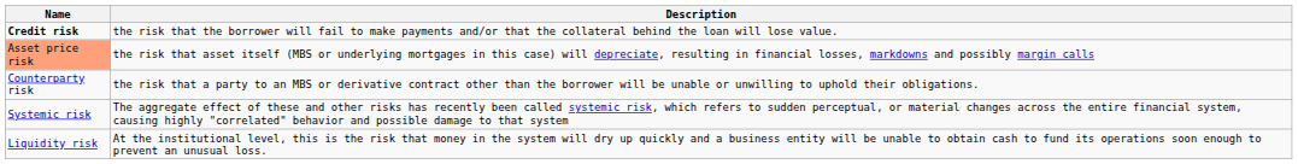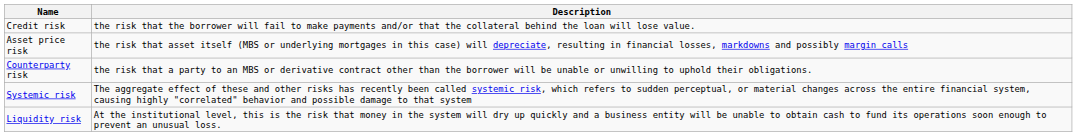 <table class="wikitable" border="1">
 <tr>
 <th>Name</th>
 <th>Description</th>
 </tr>
 <tr>
-<td><strong>Credit risk</strong></td>
+<td>Credit risk</td>
 <td>the risk that the borrower will fail to make payments and/or that the collateral behind the loan will lose value.</td>
 </tr>
 <tr>
-<td style="background: lightsalmon;">Asset price risk</td>
+<td>Asset price risk</td>
 <td>the risk that asset itself (MBS or underlying mortgages in this case) will <a href='#'>depreciate</a>, resulting in financial losses, <a href='#'>markdowns</a> and possibly <a href='#'>margin calls</a></td>
 </tr>
 <tr>
 <td><a href='#'>Counterparty</a> risk</td>
 <td>the risk that a party to an MBS or derivative contract other than the borrower will be unable or unwilling to uphold their obligations.</td>
 </tr>
 <tr>
 <td><a href='#'>Systemic risk</a></td>
 <td>The aggregate effect of these and other risks has recently been called <a href='#'>systemic risk</a>, which refers to sudden perceptual, or material changes across the entire financial system, causing highly "correlated" behavior and possible damage to that system</td>
 </tr>
 <tr>
 <td><a href='#'>Liquidity risk</a></td>
 <td>At the institutional level, this is the risk that money in the system will dry up quickly and a business entity will be unable to obtain cash to fund its operations soon enough to prevent an unusual loss.</td>
 </tr>
 </table>
